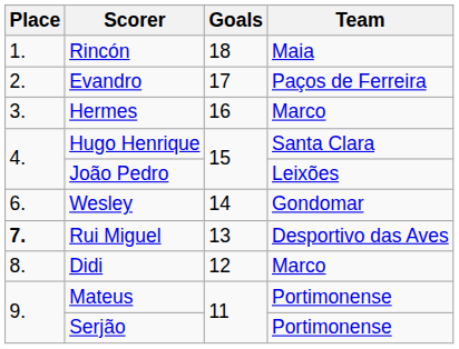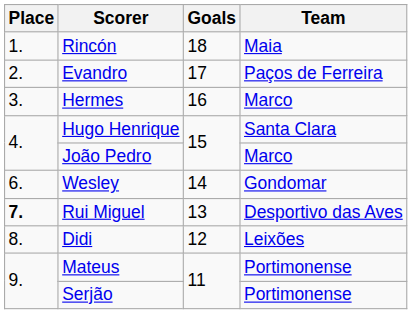 <table class="wikitable">
 <tr>
 <th>Place</th>
 <th>Scorer</th>
 <th>Goals</th>
 <th>Team</th>
 </tr>
 <tr>
 <td>1.</td>
 <td> <a href='#'>Rincón</a></td>
 <td>18</td>
 <td><a href='#'>Maia</a></td>
 </tr>
 <tr>
 <td>2.</td>
 <td> <a href='#'>Evandro</a></td>
 <td>17</td>
 <td><a href='#'>Paços de Ferreira</a></td>
 </tr>
 <tr>
 <td>3.</td>
 <td> <a href='#'>Hermes</a></td>
 <td>16</td>
 <td><a href='#'>Marco</a></td>
 </tr>
 <tr>
 <td rowspan=2>4.</td>
 <td> <a href='#'>Hugo Henrique</a></td>
 <td rowspan=2>15</td>
 <td><a href='#'>Santa Clara</a></td>
 </tr>
 <tr>
 <td> <a href='#'>João Pedro</a></td>
-<td><a href='#'>Leixões</a></td>
+<td><a href='#'>Marco</a></td>
 </tr>
 <tr>
 <td>6.</td>
 <td> <a href='#'>Wesley</a></td>
 <td>14</td>
 <td><a href='#'>Gondomar</a></td>
 </tr>
 <tr>
 <td><strong>7.</strong></td>
 <td> <a href='#'>Rui Miguel</a></td>
 <td>13</td>
 <td><a href='#'>Desportivo das Aves</a></td>
 </tr>
 <tr>
 <td>8.</td>
 <td> <a href='#'>Didi</a></td>
 <td>12</td>
-<td><a href='#'>Marco</a></td>
+<td><a href='#'>Leixões</a></td>
 </tr>
 <tr>
 <td rowspan=2>9.</td>
 <td> <a href='#'>Mateus</a></td>
 <td rowspan=2>11</td>
 <td><a href='#'>Portimonense</a></td>
 </tr>
 <tr>
 <td> <a href='#'>Serjão</a></td>
 <td><a href='#'>Portimonense</a></td>
 </tr>
 </table>
